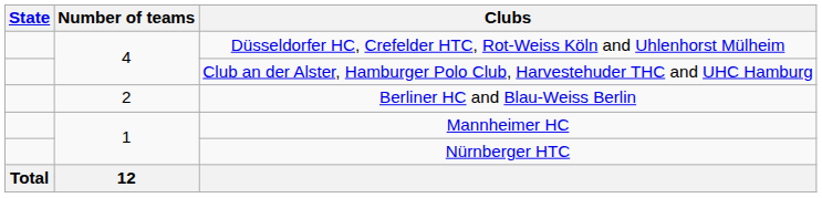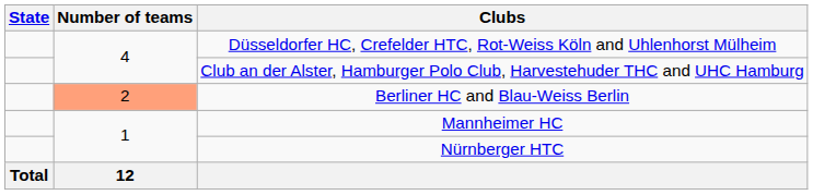 <table class="wikitable">
 <tr>
 <th><a href='#'>State</a></th>
 <th>Number of teams</th>
 <th>Clubs</th>
 </tr>
 <tr>
 <td></td>
 <td align=center rowspan=2>4</td>
 <td align=center><a href='#'>Düsseldorfer HC</a>, <a href='#'>Crefelder HTC</a>, <a href='#'>Rot-Weiss Köln</a> and <a href='#'>Uhlenhorst Mülheim</a></td>
 </tr>
 <tr>
 <td></td>
 <td align=center><a href='#'>Club an der Alster</a>, <a href='#'>Hamburger Polo Club</a>, <a href='#'>Harvestehuder THC</a> and <a href='#'>UHC Hamburg</a></td>
 </tr>
 <tr>
 <td></td>
-<td align=center>2</td>
+<td align=center style="background: lightsalmon;">2</td>
 <td align=center><a href='#'>Berliner HC</a> and <a href='#'>Blau-Weiss Berlin</a></td>
 </tr>
 <tr>
 <td></td>
 <td align=center rowspan=2>1</td>
 <td align=center><a href='#'>Mannheimer HC</a></td>
 </tr>
 <tr>
 <td></td>
 <td align=center><a href='#'>Nürnberger HTC</a></td>
 </tr>
 <tr>
 <th>Total</th>
 <th>12</th>
 <th></th>
 </tr>
 </table>
